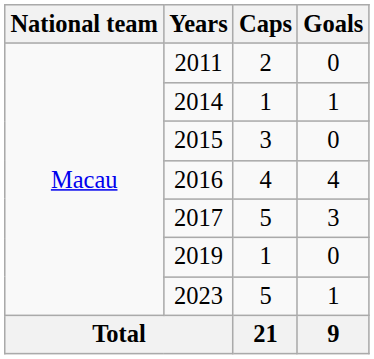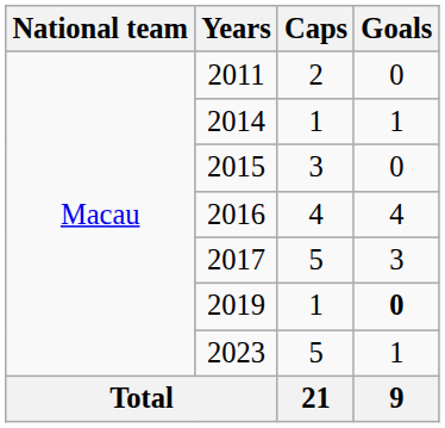 <table class="wikitable" style="text-align:center;">
 <tr>
 <th>National team</th>
 <th>Years</th>
 <th>Caps</th>
 <th>Goals</th>
 </tr>
 <tr>
 <td rowspan=7><a href='#'>Macau</a></td>
 <td>2011</td>
 <td>2</td>
 <td>0</td>
 </tr>
 <tr>
 <td>2014</td>
 <td>1</td>
 <td>1</td>
 </tr>
 <tr>
 <td>2015</td>
 <td>3</td>
 <td>0</td>
 </tr>
 <tr>
 <td>2016</td>
 <td>4</td>
 <td>4</td>
 </tr>
 <tr>
 <td>2017</td>
 <td>5</td>
 <td>3</td>
 </tr>
 <tr>
 <td>2019</td>
 <td>1</td>
-<td>0</td>
+<td><strong>0</strong></td>
 </tr>
 <tr>
 <td>2023</td>
 <td>5</td>
 <td>1</td>
 </tr>
 <tr>
 <th colspan=2>Total</th>
 <th>21</th>
 <th>9</th>
 </tr>
 </table>
